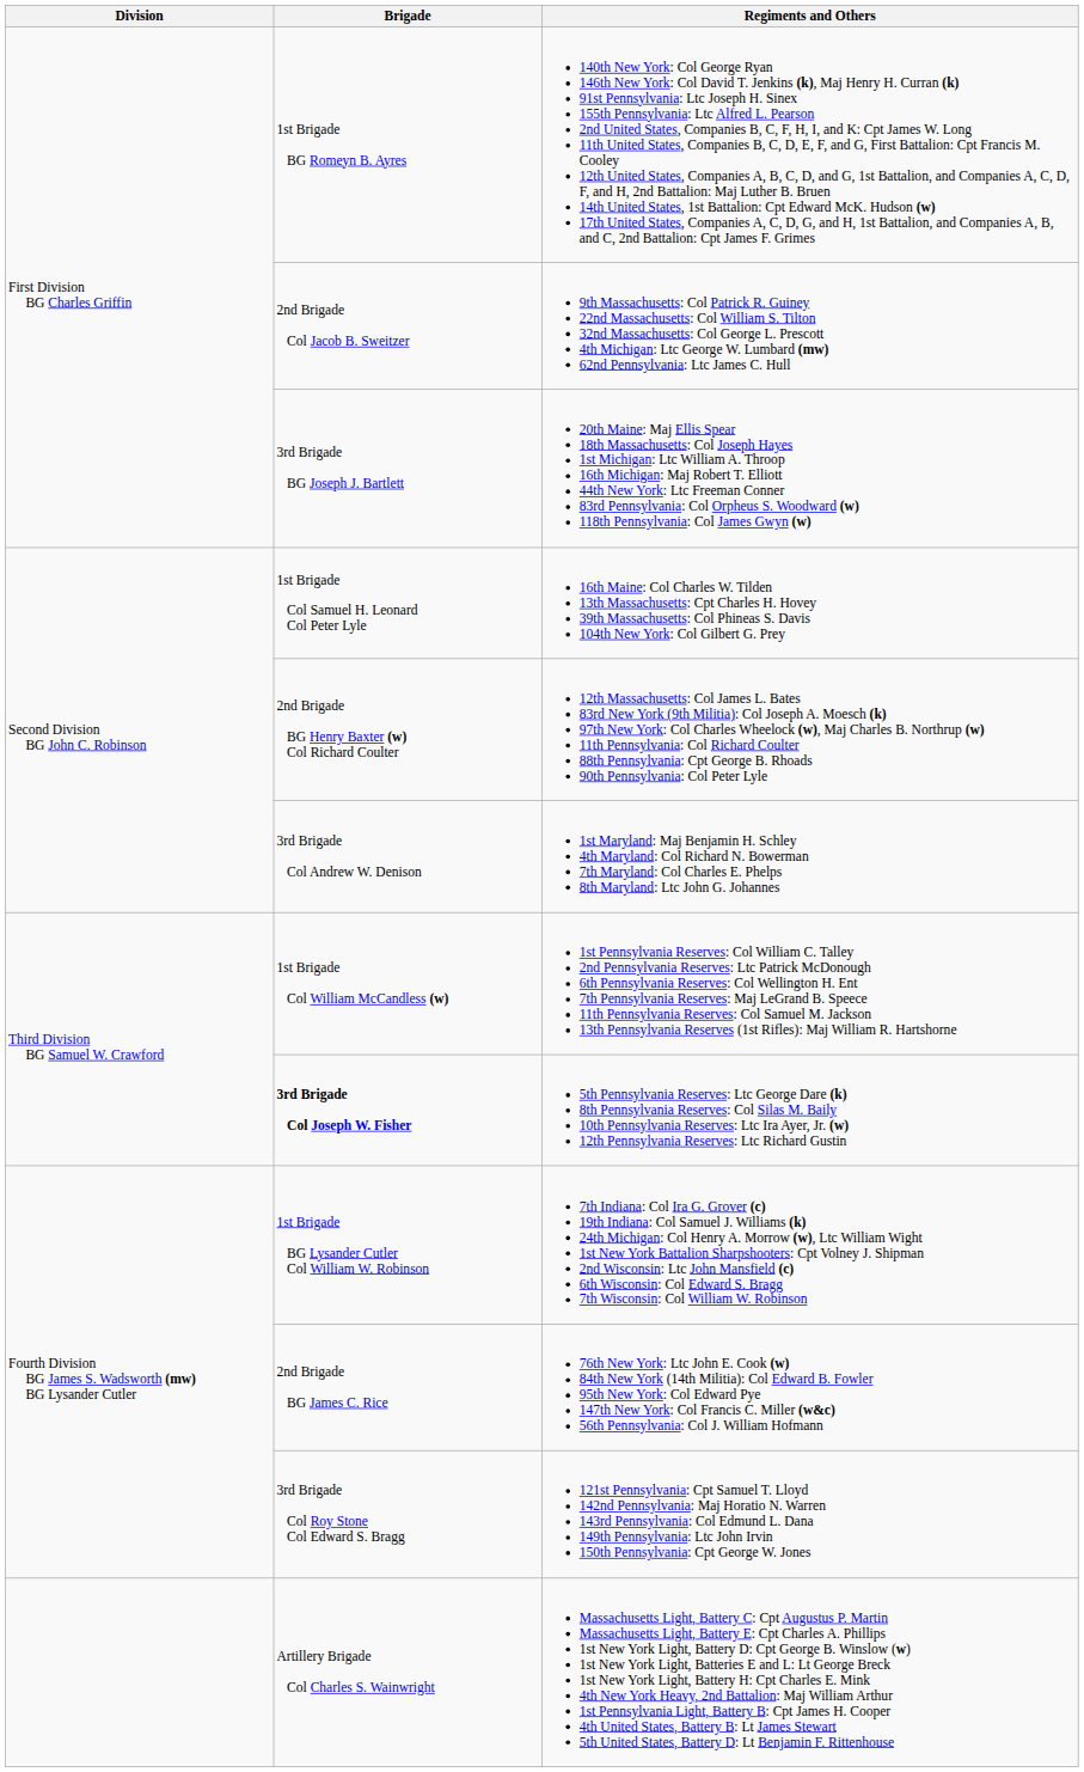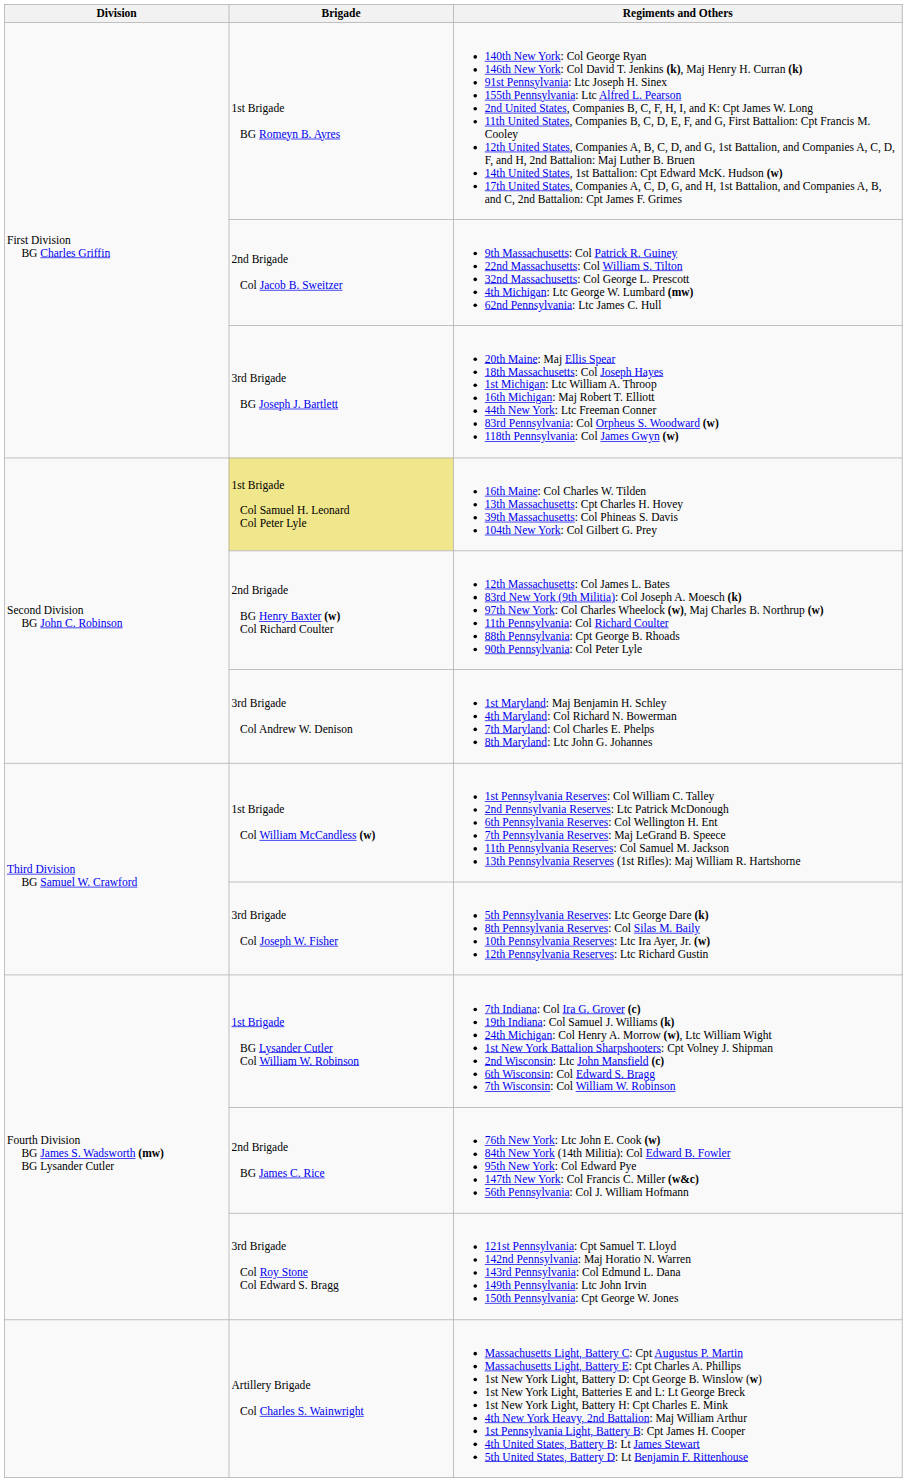 <table class="wikitable">
 <tr>
 <th width=25%>Division</th>
 <th width=25%>Brigade</th>
 <th>Regiments and Others</th>
 </tr>
 <tr>
 <td rowspan=3><br>First Division <br>     BG <a href='#'>Charles Griffin</a></td>
 <td>1st Brigade<br><br>   BG <a href='#'>Romeyn B. Ayres</a></td>
 <td><br><ul><li><a href='#'>140th New York</a>: Col George Ryan</li><li><a href='#'>146th New York</a>: Col David T. Jenkins <strong>(k)</strong>, Maj Henry H. Curran <strong>(k)</strong></li><li><a href='#'>91st Pennsylvania</a>: Ltc Joseph H. Sinex</li><li><a href='#'>155th Pennsylvania</a>: Ltc <a href='#'>Alfred L. Pearson</a></li><li><a href='#'>2nd United States</a>, Companies B, C, F, H, I, and K: Cpt James W. Long</li><li><a href='#'>11th United States</a>, Companies B, C, D, E, F, and G, First Battalion: Cpt Francis M. Cooley</li><li><a href='#'>12th United States</a>, Companies A, B, C, D, and G, 1st Battalion, and Companies A, C, D, F, and H, 2nd Battalion: Maj Luther B. Bruen</li><li><a href='#'>14th United States</a>, 1st Battalion: Cpt Edward McK. Hudson <strong>(w)</strong></li><li><a href='#'>17th United States</a>, Companies A, C, D, G, and H, 1st Battalion, and  Companies A, B, and C, 2nd Battalion: Cpt James F. Grimes</li></ul></td>
 </tr>
 <tr>
 <td>2nd Brigade<br><br>   Col <a href='#'>Jacob B. Sweitzer</a></td>
 <td><br><ul><li><a href='#'>9th Massachusetts</a>: Col <a href='#'>Patrick R. Guiney</a></li><li><a href='#'>22nd Massachusetts</a>: Col <a href='#'>William S. Tilton</a></li><li><a href='#'>32nd Massachusetts</a>: Col George L. Prescott</li><li><a href='#'>4th Michigan</a>: Ltc George W. Lumbard <strong>(mw)</strong></li><li><a href='#'>62nd Pennsylvania</a>: Ltc James C. Hull</li></ul></td>
 </tr>
 <tr>
 <td>3rd Brigade<br><br>   BG <a href='#'>Joseph J. Bartlett</a></td>
 <td><br><ul><li><a href='#'>20th Maine</a>: Maj <a href='#'>Ellis Spear</a></li><li><a href='#'>18th Massachusetts</a>: Col <a href='#'>Joseph Hayes</a></li><li><a href='#'>1st Michigan</a>: Ltc William A. Throop</li><li><a href='#'>16th Michigan</a>: Maj Robert T. Elliott</li><li><a href='#'>44th New York</a>: Ltc Freeman Conner</li><li><a href='#'>83rd Pennsylvania</a>: Col <a href='#'>Orpheus S. Woodward</a> <strong>(w)</strong></li><li><a href='#'>118th Pennsylvania</a>: Col <a href='#'>James Gwyn</a> <strong>(w)</strong></li></ul></td>
 </tr>
 <tr>
 <td rowspan=3><br>Second Division <br>     BG <a href='#'>John C. Robinson</a></td>
-<td>1st Brigade<br><br>   Col Samuel H. Leonard <br>   Col Peter Lyle</td>
+<td style="background: khaki;">1st Brigade<br><br>   Col Samuel H. Leonard <br>   Col Peter Lyle</td>
 <td><br><ul><li><a href='#'>16th Maine</a>: Col Charles W. Tilden</li><li><a href='#'>13th Massachusetts</a>: Cpt Charles H. Hovey</li><li><a href='#'>39th Massachusetts</a>: Col Phineas S. Davis</li><li><a href='#'>104th New York</a>: Col Gilbert G. Prey</li></ul></td>
 </tr>
 <tr>
 <td>2nd Brigade<br><br>   BG <a href='#'>Henry Baxter</a> <strong>(w)</strong> <br>   Col Richard Coulter</td>
 <td><br><ul><li><a href='#'>12th Massachusetts</a>: Col James L. Bates</li><li><a href='#'>83rd New York (9th Militia)</a>: Col Joseph A. Moesch <strong>(k)</strong></li><li><a href='#'>97th New York</a>: Col Charles Wheelock <strong>(w)</strong>, Maj Charles B. Northrup <strong>(w)</strong></li><li><a href='#'>11th Pennsylvania</a>: Col <a href='#'>Richard Coulter</a></li><li><a href='#'>88th Pennsylvania</a>: Cpt George B. Rhoads</li><li><a href='#'>90th Pennsylvania</a>: Col Peter Lyle</li></ul></td>
 </tr>
 <tr>
 <td>3rd Brigade<br><br>   Col Andrew W. Denison</td>
 <td><br><ul><li><a href='#'>1st Maryland</a>: Maj Benjamin H. Schley</li><li><a href='#'>4th Maryland</a>: Col Richard N. Bowerman</li><li><a href='#'>7th Maryland</a>: Col Charles E. Phelps</li><li><a href='#'>8th Maryland</a>: Ltc John G. Johannes</li></ul></td>
 </tr>
 <tr>
 <td rowspan=2><br><a href='#'>Third Division</a> <br>     BG <a href='#'>Samuel W. Crawford</a></td>
 <td>1st Brigade<br><br>   Col <a href='#'>William McCandless</a> <strong>(w)</strong></td>
 <td><br><ul><li><a href='#'>1st Pennsylvania Reserves</a>: Col William C. Talley</li><li><a href='#'>2nd Pennsylvania Reserves</a>: Ltc Patrick McDonough</li><li><a href='#'>6th Pennsylvania Reserves</a>: Col Wellington H. Ent</li><li><a href='#'>7th Pennsylvania Reserves</a>: Maj LeGrand B. Speece</li><li><a href='#'>11th Pennsylvania Reserves</a>: Col Samuel M. Jackson</li><li><a href='#'>13th Pennsylvania Reserves</a> (1st Rifles): Maj William R. Hartshorne</li></ul></td>
 </tr>
 <tr>
-<td><strong>3rd Brigade<br><br>   Col <a href='#'>Joseph W. Fisher</a></strong></td>
+<td>3rd Brigade<br><br>   Col <a href='#'>Joseph W. Fisher</a></td>
 <td><br><ul><li><a href='#'>5th Pennsylvania Reserves</a>: Ltc George Dare <strong>(k)</strong></li><li><a href='#'>8th Pennsylvania Reserves</a>: Col <a href='#'>Silas M. Baily</a></li><li><a href='#'>10th Pennsylvania Reserves</a>: Ltc Ira Ayer, Jr. <strong>(w)</strong></li><li><a href='#'>12th Pennsylvania Reserves</a>: Ltc Richard Gustin</li></ul></td>
 </tr>
 <tr>
 <td rowspan=3><br>Fourth Division <br>     BG <a href='#'>James S. Wadsworth</a> <strong>(mw)</strong> <br>     BG Lysander Cutler</td>
 <td><a href='#'>1st Brigade</a><br><br>   BG <a href='#'>Lysander Cutler</a> <br>   Col <a href='#'>William W. Robinson</a></td>
 <td><br><ul><li><a href='#'>7th Indiana</a>: Col <a href='#'>Ira G. Grover</a> <strong>(c)</strong></li><li><a href='#'>19th Indiana</a>: Col Samuel J. Williams <strong>(k)</strong></li><li><a href='#'>24th Michigan</a>: Col Henry A. Morrow <strong>(w)</strong>, Ltc William Wight</li><li><a href='#'>1st New York Battalion Sharpshooters</a>: Cpt Volney J. Shipman</li><li><a href='#'>2nd Wisconsin</a>: Ltc <a href='#'>John Mansfield</a> <strong>(c)</strong></li><li><a href='#'>6th Wisconsin</a>: Col <a href='#'>Edward S. Bragg</a></li><li><a href='#'>7th Wisconsin</a>: Col <a href='#'>William W. Robinson</a></li></ul></td>
 </tr>
 <tr>
 <td>2nd Brigade<br><br>   BG <a href='#'>James C. Rice</a></td>
 <td><br><ul><li><a href='#'>76th New York</a>: Ltc John E. Cook <strong>(w)</strong></li><li><a href='#'>84th New York</a> (14th Militia): Col <a href='#'>Edward B. Fowler</a></li><li><a href='#'>95th New York</a>: Col Edward Pye</li><li><a href='#'>147th New York</a>:  Col Francis C. Miller <strong>(w&c)</strong></li><li><a href='#'>56th Pennsylvania</a>: Col J. William Hofmann</li></ul></td>
 </tr>
 <tr>
 <td>3rd Brigade<br><br>   Col <a href='#'>Roy Stone</a> <br>   Col Edward S. Bragg</td>
 <td><br><ul><li><a href='#'>121st Pennsylvania</a>: Cpt Samuel T. Lloyd</li><li><a href='#'>142nd Pennsylvania</a>: Maj Horatio N. Warren</li><li><a href='#'>143rd Pennsylvania</a>: Col Edmund L. Dana</li><li><a href='#'>149th Pennsylvania</a>: Ltc John Irvin</li><li><a href='#'>150th Pennsylvania</a>: Cpt George W. Jones</li></ul></td>
 </tr>
 <tr>
 <td></td>
 <td>Artillery Brigade<br><br>   Col <a href='#'>Charles S. Wainwright</a></td>
 <td><br><ul><li><a href='#'>Massachusetts Light, Battery C</a>: Cpt <a href='#'>Augustus P. Martin</a></li><li><a href='#'>Massachusetts Light, Battery E</a>: Cpt Charles A. Phillips</li><li>1st New York Light, Battery D: Cpt George B. Winslow (<strong>w</strong>)</li><li>1st New York Light, Batteries E and L: Lt George Breck</li><li>1st New York Light, Battery H: Cpt Charles E. Mink</li><li><a href='#'>4th New York Heavy, 2nd Battalion</a>: Maj William Arthur</li><li><a href='#'>1st Pennsylvania Light, Battery B</a>: Cpt James H. Cooper</li><li><a href='#'>4th United States, Battery B</a>: Lt <a href='#'>James Stewart</a></li><li><a href='#'>5th United States, Battery D</a>: Lt <a href='#'>Benjamin F. Rittenhouse</a></li></ul></td>
 </tr>
 </table>
